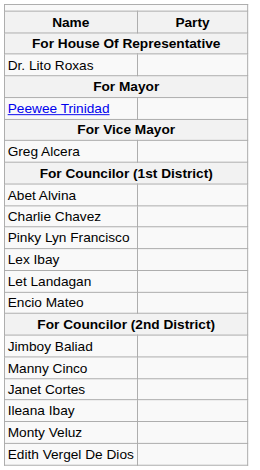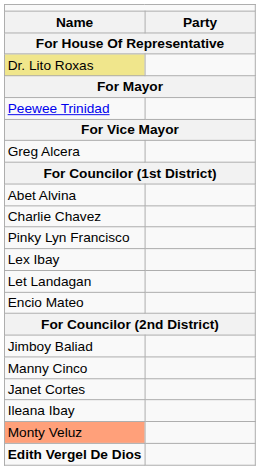 <table class=wikitable style="font-size:90%">
 <tr>
 <td colspan=5 bgcolor=></td>
 </tr>
 <tr>
 <th !width=150px>Name</th>
 <th colspan=2 width=110px>Party</th>
 </tr>
 <tr>
 <th colspan="3">For House Of Representative</th>
 </tr>
 <tr>
-<td>Dr. Lito Roxas</td>
+<td style="background: khaki;">Dr. Lito Roxas</td>
 <td></td>
 </tr>
 <tr>
 <th colspan="3">For Mayor</th>
 </tr>
 <tr>
 <td><a href='#'>Peewee Trinidad</a></td>
 <td></td>
 </tr>
 <tr>
 <th colspan="3">For Vice Mayor</th>
 </tr>
 <tr>
 <td>Greg Alcera</td>
 <td></td>
 </tr>
 <tr>
 <th colspan="3">For Councilor (1st District)</th>
 </tr>
 <tr>
 <td>Abet Alvina</td>
 <td></td>
 </tr>
 <tr>
 <td>Charlie Chavez</td>
 <td></td>
 </tr>
 <tr>
 <td>Pinky Lyn Francisco</td>
 <td></td>
 </tr>
 <tr>
 <td>Lex Ibay</td>
 <td></td>
 </tr>
 <tr>
 <td>Let Landagan</td>
 <td></td>
 </tr>
 <tr>
 <td>Encio Mateo</td>
 <td></td>
 </tr>
 <tr>
 <th colspan="3">For Councilor (2nd District)</th>
 </tr>
 <tr>
 <td>Jimboy Baliad</td>
 <td></td>
 </tr>
 <tr>
 <td>Manny Cinco</td>
 <td></td>
 </tr>
 <tr>
 <td>Janet Cortes</td>
 <td></td>
 </tr>
 <tr>
 <td>Ileana Ibay</td>
 <td></td>
 </tr>
 <tr>
-<td>Monty Veluz</td>
+<td style="background: lightsalmon;">Monty Veluz</td>
 <td></td>
 </tr>
 <tr>
-<td>Edith Vergel De Dios</td>
+<td><strong>Edith Vergel De Dios</strong></td>
 <td></td>
 </tr>
 </table>
